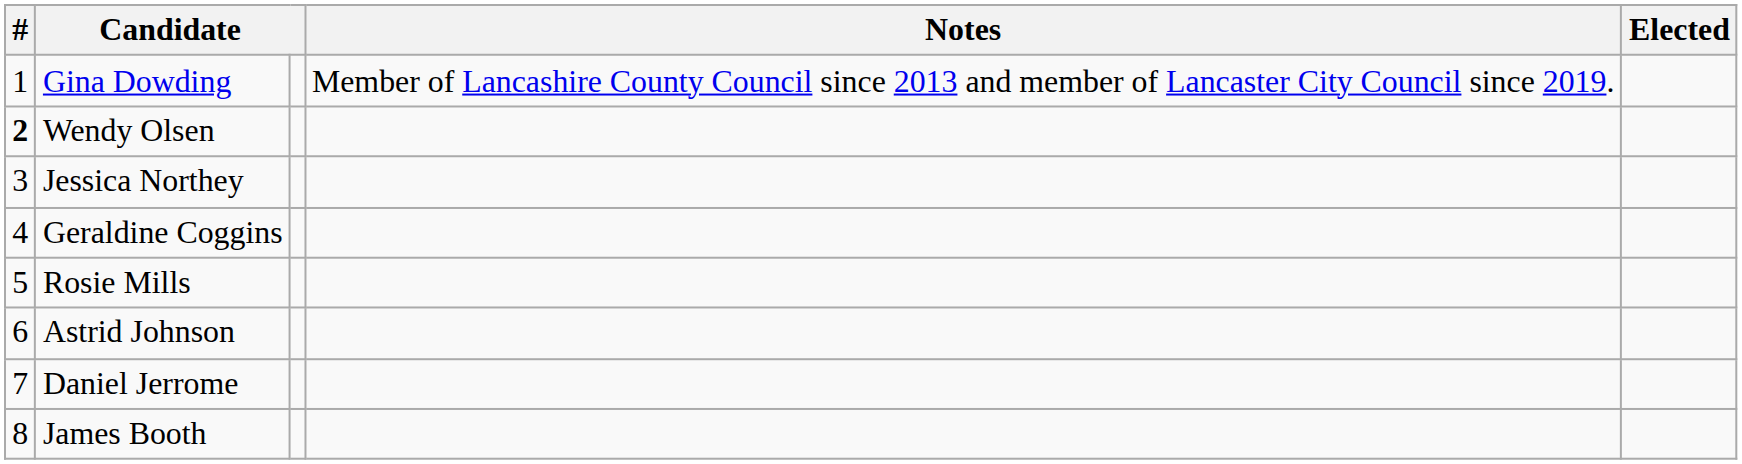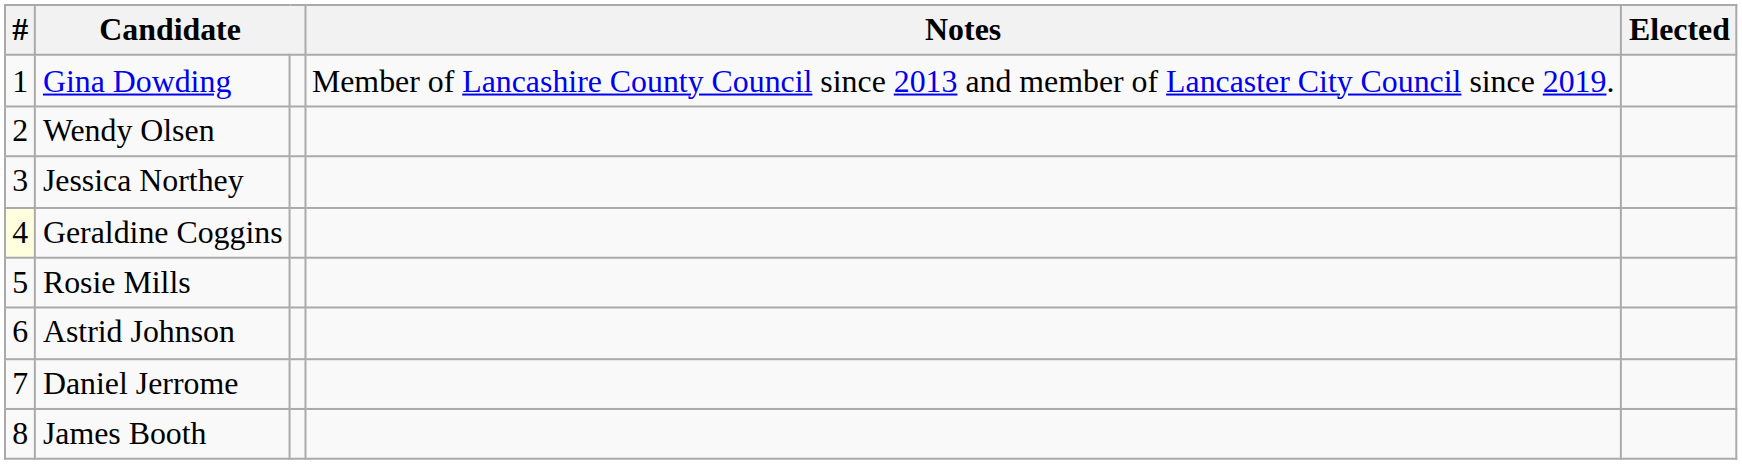 <table class="wikitable">
 <tr>
 <th>#</th>
 <th colspan="2">Candidate</th>
 <th>Notes</th>
 <th>Elected</th>
 </tr>
 <tr>
 <td>1</td>
 <td><a href='#'>Gina Dowding</a></td>
 <td></td>
 <td>Member of <a href='#'>Lancashire County Council</a> since <a href='#'>2013</a> and member of <a href='#'>Lancaster City Council</a> since <a href='#'>2019</a>.</td>
 <td></td>
 </tr>
 <tr>
-<td><strong>2</strong></td>
+<td>2</td>
 <td>Wendy Olsen</td>
 <td></td>
 <td></td>
 <td></td>
 </tr>
 <tr>
 <td>3</td>
 <td>Jessica Northey</td>
 <td></td>
 <td></td>
 <td></td>
 </tr>
 <tr>
-<td>4</td>
+<td style="background: lightyellow;">4</td>
 <td>Geraldine Coggins</td>
 <td></td>
 <td></td>
 <td></td>
 </tr>
 <tr>
 <td>5</td>
 <td>Rosie Mills</td>
 <td></td>
 <td></td>
 <td></td>
 </tr>
 <tr>
 <td>6</td>
 <td>Astrid Johnson</td>
 <td></td>
 <td></td>
 <td></td>
 </tr>
 <tr>
 <td>7</td>
 <td>Daniel Jerrome</td>
 <td></td>
 <td></td>
 <td></td>
 </tr>
 <tr>
 <td>8</td>
 <td>James Booth</td>
 <td></td>
 <td></td>
 <td></td>
 </tr>
 </table>
